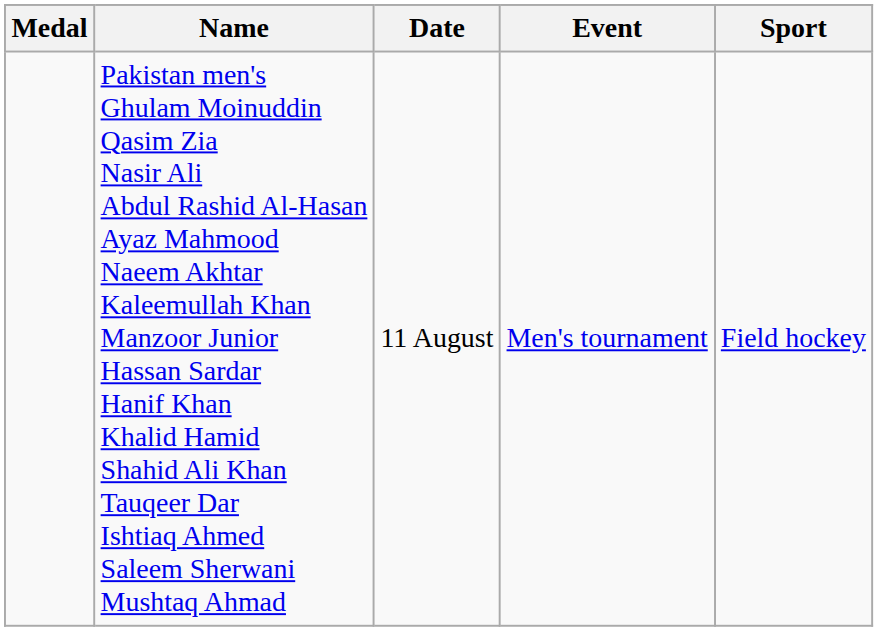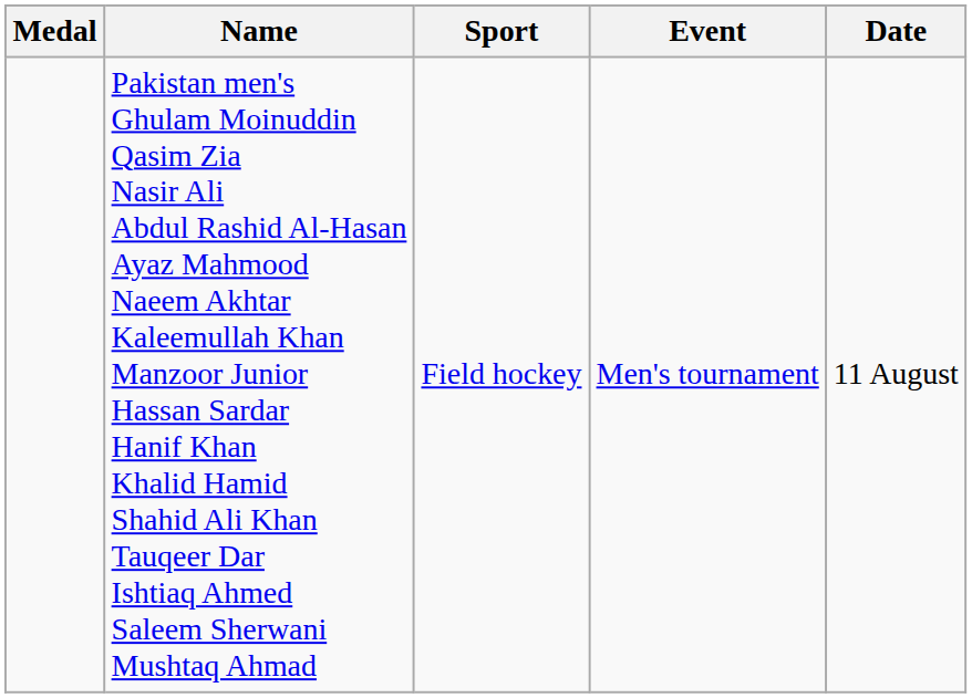 <table class="wikitable sortable" style="font-size:90%">
 <tr>
 <th>Medal</th>
 <th>Name</th>
+<th>Sport</th>
+<th>Event</th>
 <th>Date</th>
-<th>Event</th>
-<th>Sport</th>
 </tr>
 <tr>
 <td></td>
 <td><a href='#'>Pakistan men's</a><br><a href='#'>Ghulam Moinuddin</a><br><a href='#'>Qasim Zia</a><br><a href='#'>Nasir Ali</a><br><a href='#'>Abdul Rashid Al-Hasan</a><br><a href='#'>Ayaz Mahmood</a><br><a href='#'>Naeem Akhtar</a><br><a href='#'>Kaleemullah Khan</a><br><a href='#'>Manzoor Junior</a><br><a href='#'>Hassan Sardar</a><br><a href='#'>Hanif Khan</a><br><a href='#'>Khalid Hamid</a><br><a href='#'>Shahid Ali Khan</a><br><a href='#'>Tauqeer Dar</a><br><a href='#'>Ishtiaq Ahmed</a><br><a href='#'>Saleem Sherwani</a><br><a href='#'>Mushtaq Ahmad</a></td>
+<td><a href='#'>Field hockey</a></td>
+<td><a href='#'>Men's tournament</a></td>
 <td>11 August</td>
-<td><a href='#'>Men's tournament</a></td>
-<td><a href='#'>Field hockey</a></td>
 </tr>
 </table>
